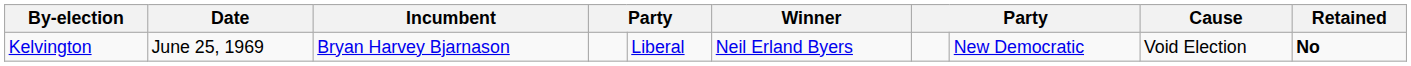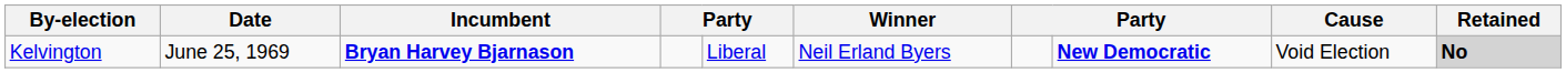 <table class=wikitable style="width:100%">
 <tr>
 <th>By-election</th>
 <th>Date</th>
 <th>Incumbent</th>
 <th colspan=2>Party</th>
 <th>Winner</th>
 <th colspan=2>Party</th>
 <th>Cause</th>
 <th>Retained</th>
 </tr>
 <tr>
 <td><a href='#'>Kelvington</a></td>
 <td>June 25, 1969</td>
-<td><a href='#'>Bryan Harvey Bjarnason</a></td>
+<td><strong><a href='#'>Bryan Harvey Bjarnason</a></strong></td>
 <td>    </td>
 <td><a href='#'>Liberal</a></td>
 <td><a href='#'>Neil Erland Byers</a></td>
 <td>    </td>
-<td><a href='#'>New Democratic</a></td>
+<td><strong><a href='#'>New Democratic</a></strong></td>
 <td>Void Election</td>
-<td><strong>No</strong></td>
+<td style="background: lightgrey;"><strong>No</strong></td>
 </tr>
 </table>
